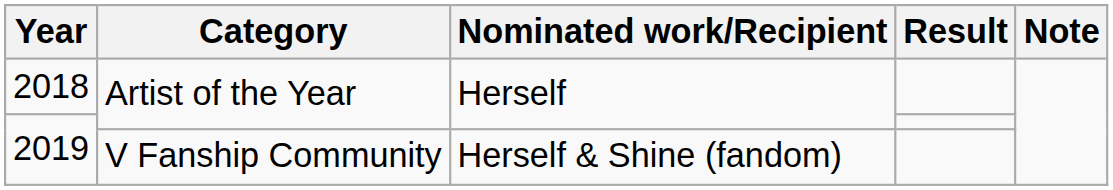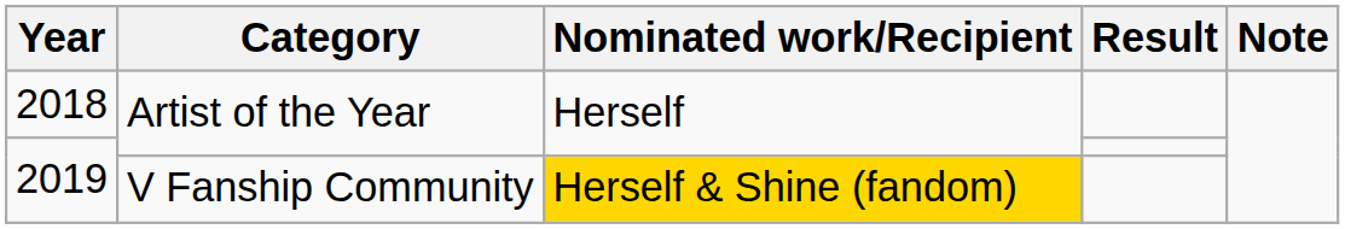 <table class="wikitable">
 <tr>
 <th>Year</th>
 <th>Category</th>
 <th>Nominated work/Recipient</th>
 <th>Result</th>
 <th>Note</th>
 </tr>
 <tr>
 <td>2018</td>
 <td rowspan="2">Artist of the Year</td>
 <td rowspan="2">Herself</td>
 <td></td>
 <td rowspan="3"></td>
 </tr>
 <tr>
 <td rowspan="2">2019</td>
 <td></td>
 </tr>
 <tr>
 <td>V Fanship Community</td>
-<td>Herself & Shine (fandom)</td>
+<td style="background: gold;">Herself & Shine (fandom)</td>
 <td></td>
 </tr>
 </table>
